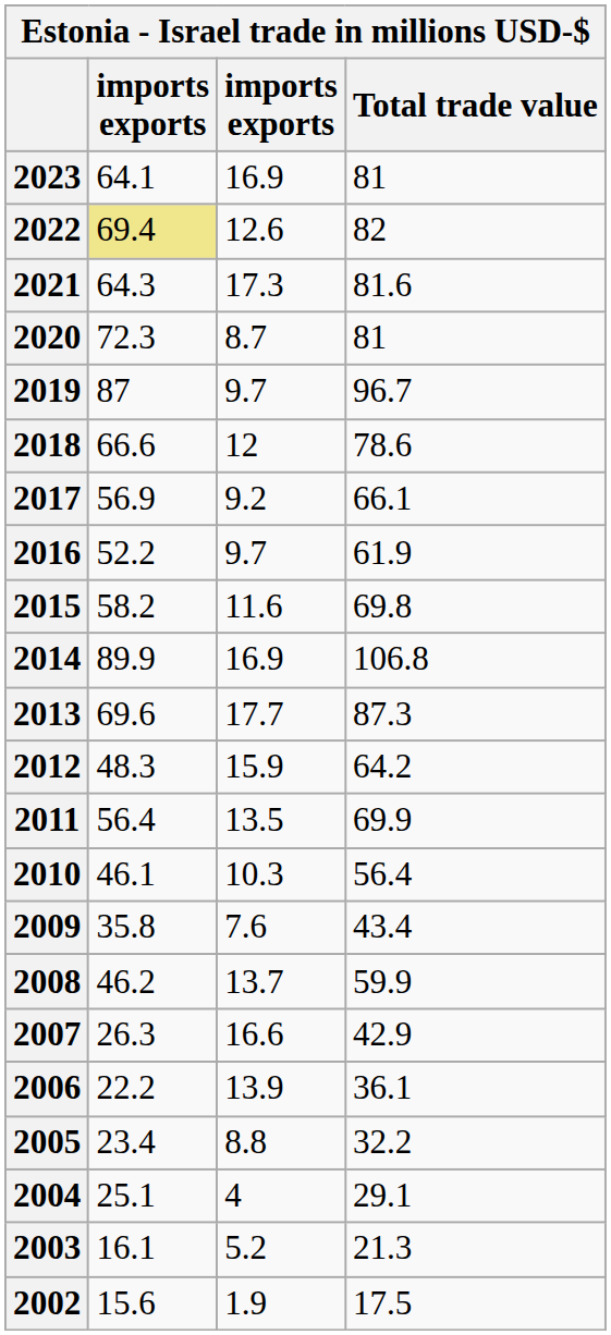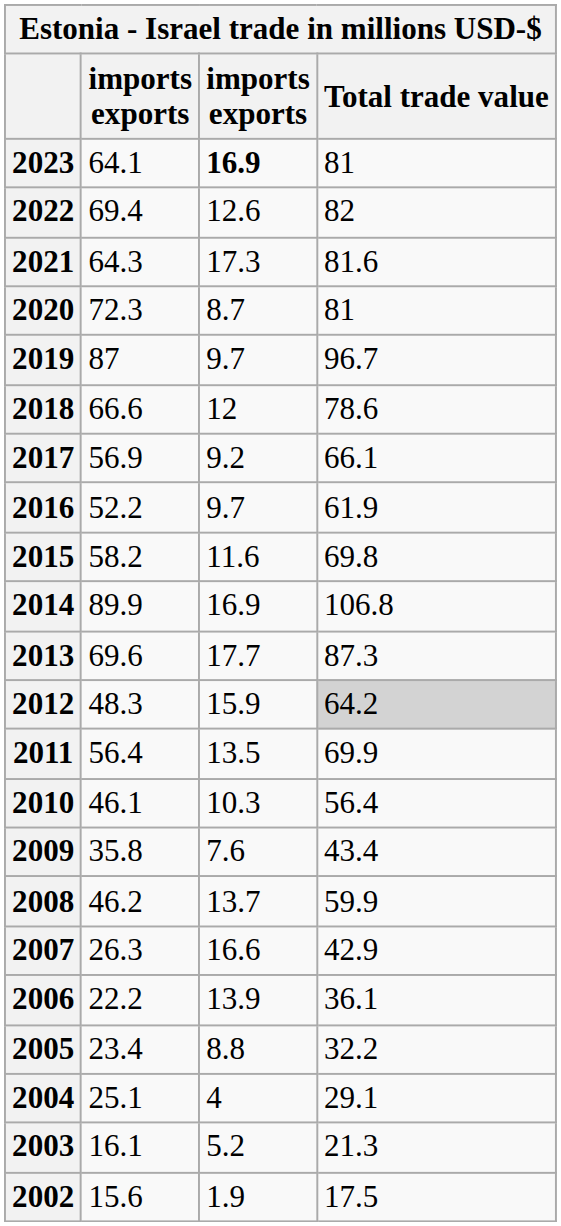 <table class="wikitable mw-collapsible mw-collapsed">
 <tr>
 <th colspan="4">Estonia - Israel trade in millions USD-$</th>
 </tr>
 <tr>
 <th></th>
 <th> imports<br> exports</th>
 <th> imports<br> exports</th>
 <th>Total trade value</th>
 </tr>
 <tr>
 <th>2023</th>
 <td>64.1</td>
-<td>16.9</td>
+<td><strong>16.9</strong></td>
 <td>81</td>
 </tr>
 <tr>
 <th>2022</th>
-<td style="background: khaki;">69.4</td>
+<td>69.4</td>
 <td>12.6</td>
 <td>82</td>
 </tr>
 <tr>
 <th>2021</th>
 <td>64.3</td>
 <td>17.3</td>
 <td>81.6</td>
 </tr>
 <tr>
 <th>2020</th>
 <td>72.3</td>
 <td>8.7</td>
 <td>81</td>
 </tr>
 <tr>
 <th>2019</th>
 <td>87</td>
 <td>9.7</td>
 <td>96.7</td>
 </tr>
 <tr>
 <th>2018</th>
 <td>66.6</td>
 <td>12</td>
 <td>78.6</td>
 </tr>
 <tr>
 <th>2017</th>
 <td>56.9</td>
 <td>9.2</td>
 <td>66.1</td>
 </tr>
 <tr>
 <th>2016</th>
 <td>52.2</td>
 <td>9.7</td>
 <td>61.9</td>
 </tr>
 <tr>
 <th>2015</th>
 <td>58.2</td>
 <td>11.6</td>
 <td>69.8</td>
 </tr>
 <tr>
 <th>2014</th>
 <td>89.9</td>
 <td>16.9</td>
 <td>106.8</td>
 </tr>
 <tr>
 <th>2013</th>
 <td>69.6</td>
 <td>17.7</td>
 <td>87.3</td>
 </tr>
 <tr>
 <th>2012</th>
 <td>48.3</td>
 <td>15.9</td>
-<td>64.2</td>
+<td style="background: lightgrey;">64.2</td>
 </tr>
 <tr>
 <th>2011</th>
 <td>56.4</td>
 <td>13.5</td>
 <td>69.9</td>
 </tr>
 <tr>
 <th>2010</th>
 <td>46.1</td>
 <td>10.3</td>
 <td>56.4</td>
 </tr>
 <tr>
 <th>2009</th>
 <td>35.8</td>
 <td>7.6</td>
 <td>43.4</td>
 </tr>
 <tr>
 <th>2008</th>
 <td>46.2</td>
 <td>13.7</td>
 <td>59.9</td>
 </tr>
 <tr>
 <th>2007</th>
 <td>26.3</td>
 <td>16.6</td>
 <td>42.9</td>
 </tr>
 <tr>
 <th>2006</th>
 <td>22.2</td>
 <td>13.9</td>
 <td>36.1</td>
 </tr>
 <tr>
 <th>2005</th>
 <td>23.4</td>
 <td>8.8</td>
 <td>32.2</td>
 </tr>
 <tr>
 <th>2004</th>
 <td>25.1</td>
 <td>4</td>
 <td>29.1</td>
 </tr>
 <tr>
 <th>2003</th>
 <td>16.1</td>
 <td>5.2</td>
 <td>21.3</td>
 </tr>
 <tr>
 <th>2002</th>
 <td>15.6</td>
 <td>1.9</td>
 <td>17.5</td>
 </tr>
 </table>
